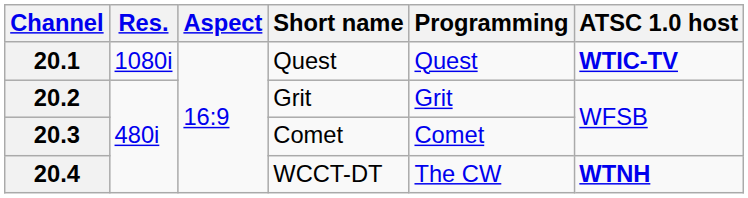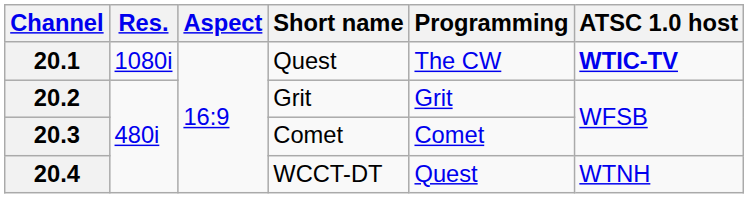 <table class="wikitable">
 <tr>
 <th scope = "col"><a href='#'>Channel</a></th>
 <th scope = "col"><a href='#'>Res.</a></th>
 <th scope = "col"><a href='#'>Aspect</a></th>
 <th scope = "col">Short name</th>
 <th scope = "col">Programming</th>
 <th scope = "col">ATSC 1.0 host</th>
 </tr>
 <tr>
 <th scope = "row">20.1</th>
 <td><a href='#'>1080i</a></td>
 <td rowspan=4><a href='#'>16:9</a></td>
 <td>Quest</td>
-<td><a href='#'>Quest</a></td>
+<td><a href='#'>The CW</a></td>
 <td><strong><a href='#'>WTIC-TV</a></strong></td>
 </tr>
 <tr>
 <th scope = "row">20.2</th>
 <td rowspan=3><a href='#'>480i</a></td>
 <td>Grit</td>
 <td><a href='#'>Grit</a></td>
 <td rowspan=2><a href='#'>WFSB</a></td>
 </tr>
 <tr>
 <th scope = "row">20.3</th>
 <td>Comet</td>
 <td><a href='#'>Comet</a></td>
 </tr>
 <tr>
 <th scope = "row">20.4</th>
 <td>WCCT-DT</td>
-<td><a href='#'>The CW</a></td>
-<td><strong><a href='#'>WTNH</a></strong></td>
+<td><a href='#'>Quest</a></td>
+<td><a href='#'>WTNH</a></td>
 </tr>
 </table>
